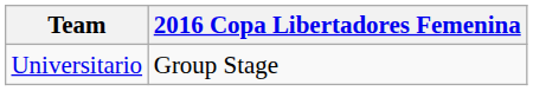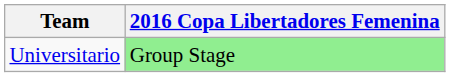 <table class="wikitable">
 <tr>
 <th>Team</th>
 <th><a href='#'>2016 Copa Libertadores Femenina</a></th>
 </tr>
 <tr>
 <td><a href='#'>Universitario</a></td>
-<td>Group Stage</td>
+<td style="background: lightgreen;">Group Stage</td>
 </tr>
 </table>
